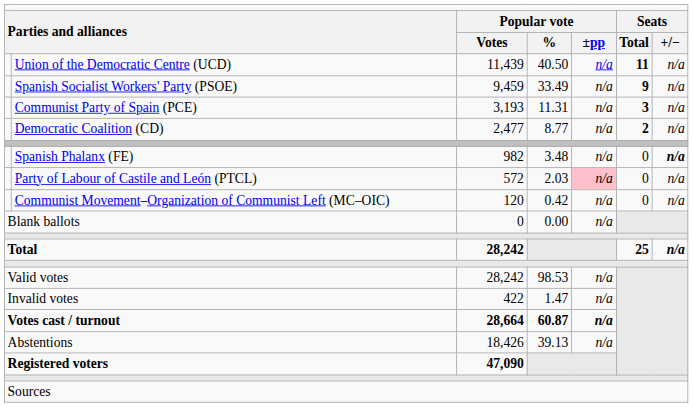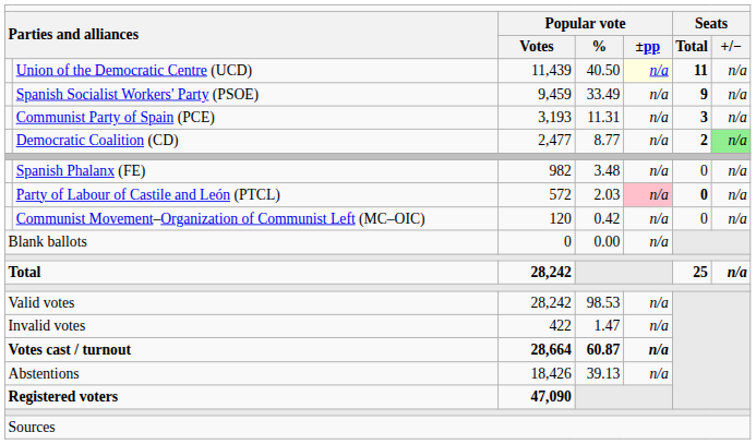 <table class="wikitable" style="text-align:right;">
 <tr>
 <td colspan="7"></td>
 </tr>
 <tr>
 <th style="text-align:left;" rowspan="2" colspan="2" width="525">Parties and alliances</th>
 <th colspan="3">Popular vote</th>
 <th colspan="2">Seats</th>
 </tr>
 <tr>
 <th width="75">Votes</th>
 <th width="45">%</th>
 <th width="45">±<a href='#'>pp</a></th>
 <th width="35">Total</th>
 <th width="35">+/−</th>
 </tr>
 <tr>
 <td width="1" style="color:inherit;background:"></td>
 <td align="left"><a href='#'>Union of the Democratic Centre</a> (UCD)</td>
 <td>11,439</td>
 <td>40.50</td>
-<td><em><a href='#'>n/a</a></em></td>
+<td style="background: lightyellow;"><em><a href='#'>n/a</a></em></td>
 <td><strong>11</strong></td>
 <td><em>n/a</em></td>
 </tr>
 <tr>
 <td style="color:inherit;background:"></td>
 <td align="left"><a href='#'>Spanish Socialist Workers' Party</a> (PSOE)</td>
 <td>9,459</td>
 <td>33.49</td>
 <td><em>n/a</em></td>
 <td><strong>9</strong></td>
 <td><em>n/a</em></td>
 </tr>
 <tr>
 <td style="color:inherit;background:"></td>
 <td align="left"><a href='#'>Communist Party of Spain</a> (PCE)</td>
 <td>3,193</td>
 <td>11.31</td>
 <td><em>n/a</em></td>
 <td><strong>3</strong></td>
 <td><em>n/a</em></td>
 </tr>
 <tr>
 <td style="color:inherit;background:"></td>
 <td align="left"><a href='#'>Democratic Coalition</a> (CD)</td>
 <td>2,477</td>
 <td>8.77</td>
 <td><em>n/a</em></td>
 <td><strong>2</strong></td>
-<td><em>n/a</em></td>
+<td style="background: lightgreen;"><em>n/a</em></td>
 </tr>
 <tr>
 <td colspan="7" bgcolor="#C0C0C0"></td>
 </tr>
 <tr>
 <td style="color:inherit;background:"></td>
 <td align="left"><a href='#'>Spanish Phalanx</a> (FE)</td>
 <td>982</td>
 <td>3.48</td>
 <td><em>n/a</em></td>
 <td>0</td>
-<td><strong><em>n/a</em></strong></td>
+<td><em>n/a</em></td>
 </tr>
 <tr>
 <td style="color:inherit;background:"></td>
 <td align="left"><a href='#'>Party of Labour of Castile and León</a> (PTCL)</td>
 <td>572</td>
 <td>2.03</td>
 <td style="background: pink;"><em>n/a</em></td>
-<td>0</td>
+<td><strong>0</strong></td>
 <td><em>n/a</em></td>
 </tr>
 <tr>
 <td style="color:inherit;background:"></td>
 <td align="left"><a href='#'>Communist Movement</a>–<a href='#'>Organization of Communist Left</a> (MC–OIC)</td>
 <td>120</td>
 <td>0.42</td>
 <td><em>n/a</em></td>
 <td>0</td>
 <td><em>n/a</em></td>
 </tr>
 <tr>
 <td align="left" colspan="2">Blank ballots</td>
 <td>0</td>
 <td>0.00</td>
 <td><em>n/a</em></td>
 <td bgcolor="#E9E9E9" colspan="2"></td>
 </tr>
 <tr>
 <td colspan="7" bgcolor="#E9E9E9"></td>
 </tr>
 <tr style="font-weight:bold;">
 <td align="left" colspan="2">Total</td>
 <td>28,242</td>
 <td bgcolor="#E9E9E9" colspan="2"></td>
 <td>25</td>
 <td><em>n/a</em></td>
 </tr>
 <tr>
 <td colspan="7" bgcolor="#E9E9E9"></td>
 </tr>
 <tr>
 <td align="left" colspan="2">Valid votes</td>
 <td>28,242</td>
 <td>98.53</td>
 <td><em>n/a</em></td>
 <td bgcolor="#E9E9E9" colspan="2" rowspan="5"></td>
 </tr>
 <tr>
 <td align="left" colspan="2">Invalid votes</td>
 <td>422</td>
 <td>1.47</td>
 <td><em>n/a</em></td>
 </tr>
 <tr style="font-weight:bold;">
 <td align="left" colspan="2">Votes cast / turnout</td>
 <td>28,664</td>
 <td>60.87</td>
 <td><em>n/a</em></td>
 </tr>
 <tr>
 <td align="left" colspan="2">Abstentions</td>
 <td>18,426</td>
 <td>39.13</td>
 <td><em>n/a</em></td>
 </tr>
 <tr style="font-weight:bold;">
 <td align="left" colspan="2">Registered voters</td>
 <td>47,090</td>
 <td bgcolor="#E9E9E9" colspan="2"></td>
 </tr>
 <tr>
 <td colspan="7" bgcolor="#E9E9E9"></td>
 </tr>
 <tr>
 <td align="left" colspan="7">Sources</td>
 </tr>
 </table>
